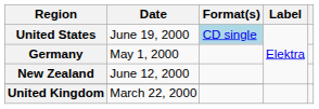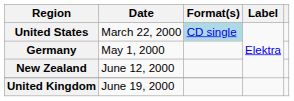 <table class="wikitable plainrowheaders">
 <tr>
 <th scope="col">Region</th>
 <th scope="col">Date</th>
 <th scope="col">Format(s)</th>
 <th scope="col">Label</th>
 <th scope="col"></th>
 </tr>
 <tr>
 <th scope="row">United States</th>
-<td>June 19, 2000</td>
+<td>March 22, 2000</td>
 <td style="background: lightblue;"><a href='#'>CD single</a></td>
 <td rowspan="4"><a href='#'>Elektra</a></td>
 <td></td>
 </tr>
 <tr>
 <th scope="row">Germany</th>
 <td>May 1, 2000</td>
 <td></td>
 <td></td>
 </tr>
 <tr>
 <th scope="row">New Zealand</th>
 <td>June 12, 2000</td>
 <td></td>
 <td></td>
 </tr>
 <tr>
 </tr>
 <tr>
 <th scope="row">United Kingdom</th>
-<td>March 22, 2000</td>
+<td>June 19, 2000</td>
 <td></td>
 <td></td>
 </tr>
 </table>
